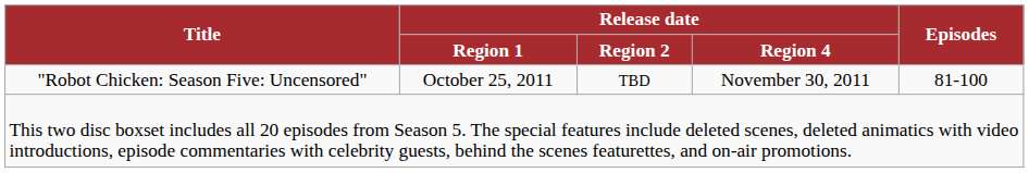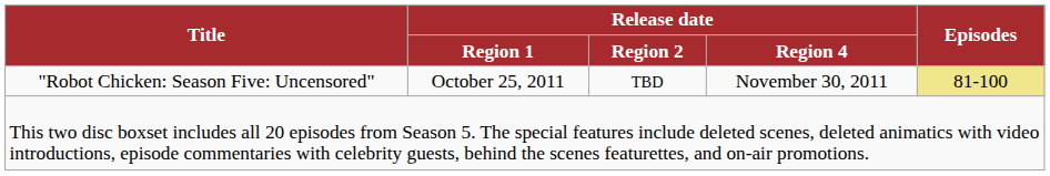 <table class="wikitable">
 <tr>
 <th rowspan="2" style="background:#a62a2e; color:#fff;">Title</th>
 <th colspan="3" style="background:#a62a2e; color:#fff;">Release date</th>
 <th rowspan="2" style="background:#a62a2e; color:#fff;">Episodes</th>
 </tr>
 <tr>
 <th style="background:#a62a2e; color:#fff;">Region 1</th>
 <th style="background:#a62a2e; color:#fff;">Region 2</th>
 <th style="background:#a62a2e; color:#fff;">Region 4</th>
 </tr>
 <tr style="text-align:center;">
 <td>"Robot Chicken: Season Five: Uncensored"</td>
 <td>October 25, 2011</td>
 <td><small>TBD</small></td>
 <td>November 30, 2011</td>
-<td>81-100</td>
+<td style="background: khaki;">81-100</td>
 </tr>
 <tr>
 <td colspan="5"><br>This two disc boxset includes all 20 episodes from Season 5. The special features include deleted scenes, deleted animatics with video introductions, episode commentaries with celebrity guests, behind the scenes featurettes, and on-air promotions.</td>
 </tr>
 </table>
